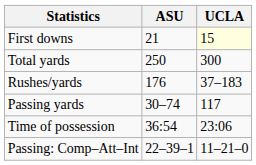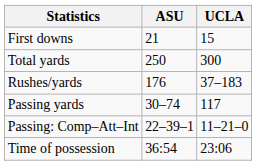 <table class="wikitable" style="float: left;">
 <tr>
 <th>Statistics</th>
 <th>ASU</th>
 <th>UCLA</th>
 </tr>
 <tr>
 <td>First downs</td>
 <td>21</td>
-<td style="background: lightyellow;">15</td>
+<td>15</td>
 </tr>
 <tr>
 <td>Total yards</td>
 <td>250</td>
 <td>300</td>
 </tr>
 <tr>
 <td>Rushes/yards</td>
 <td>176</td>
 <td>37–183</td>
 </tr>
 <tr>
 <td>Passing yards</td>
 <td>30–74</td>
 <td>117</td>
 </tr>
 <tr>
+<td>Passing: Comp–Att–Int</td>
+<td>22–39–1</td>
+<td>11–21–0</td>
+</tr>
+<tr>
 <td>Time of possession</td>
 <td>36:54</td>
 <td>23:06</td>
 </tr>
-<tr>
-<td>Passing: Comp–Att–Int</td>
-<td>22–39–1</td>
-<td>11–21–0</td>
-</tr>
 </table>
